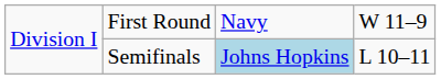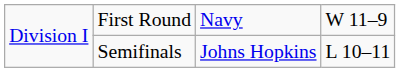 <table class="wikitable">
 <tr>
 <td rowspan="5"><a href='#'>Division I</a></td>
 <td>First Round</td>
 <td><a href='#'>Navy</a></td>
 <td>W 11–9</td>
 </tr>
 <tr>
 <td>Semifinals</td>
-<td style="background: lightblue;"><a href='#'>Johns Hopkins</a></td>
+<td><a href='#'>Johns Hopkins</a></td>
 <td>L 10–11</td>
 </tr>
 </table>
